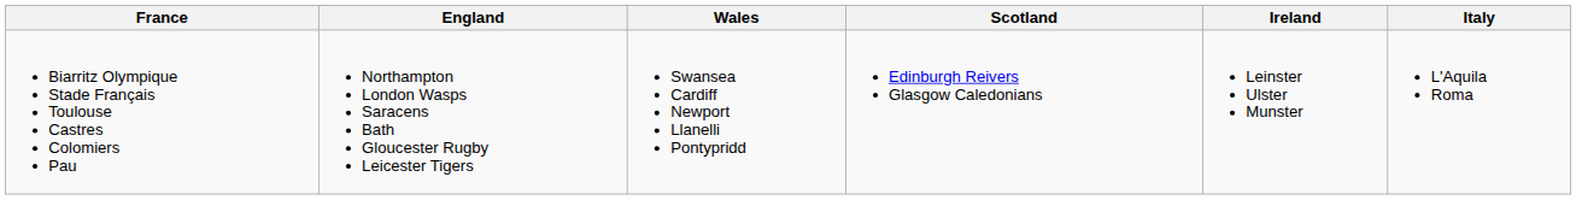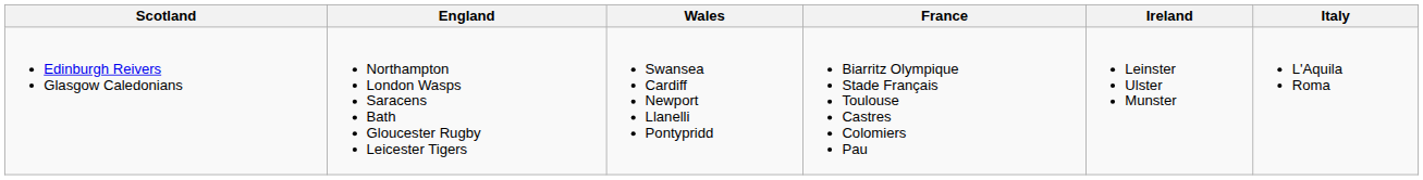 <table class="wikitable" width=100%>
 <tr>
-<th> France</th>
+<th> Scotland</th>
 <th> England</th>
 <th> Wales</th>
-<th> Scotland</th>
+<th> France</th>
 <th> Ireland</th>
 <th> Italy</th>
 </tr>
 <tr valign=top>
-<td><br><ul><li>Biarritz Olympique</li><li>Stade Français</li><li>Toulouse</li><li>Castres</li><li>Colomiers</li><li>Pau</li></ul></td>
+<td><br><ul><li><a href='#'>Edinburgh Reivers</a></li><li>Glasgow Caledonians</li></ul></td>
 <td><br><ul><li>Northampton</li><li>London Wasps</li><li>Saracens</li><li>Bath</li><li>Gloucester Rugby</li><li>Leicester Tigers</li></ul></td>
 <td><br><ul><li>Swansea</li><li>Cardiff</li><li>Newport</li><li>Llanelli</li><li>Pontypridd</li></ul></td>
-<td><br><ul><li><a href='#'>Edinburgh Reivers</a></li><li>Glasgow Caledonians</li></ul></td>
+<td><br><ul><li>Biarritz Olympique</li><li>Stade Français</li><li>Toulouse</li><li>Castres</li><li>Colomiers</li><li>Pau</li></ul></td>
 <td><br><ul><li>Leinster</li><li>Ulster</li><li>Munster</li></ul></td>
 <td><br><ul><li>L'Aquila</li><li>Roma</li></ul></td>
 </tr>
 </table>
